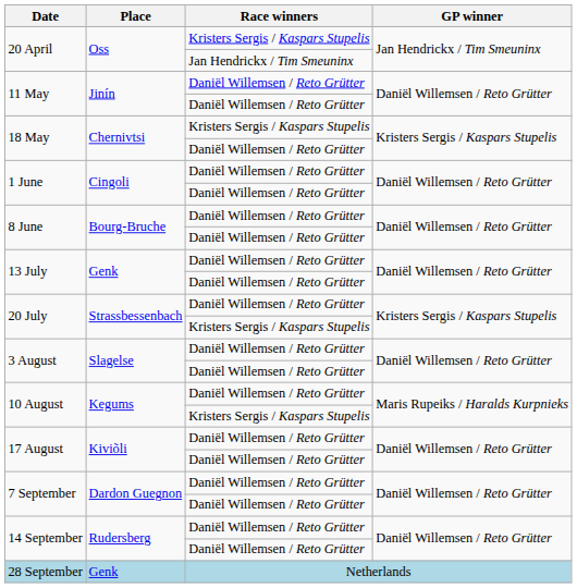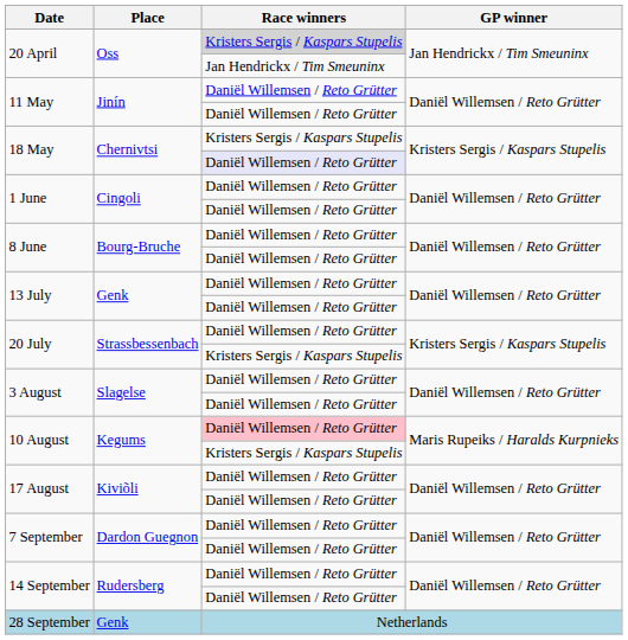 <table class="wikitable" style="font-size: 85%;">
 <tr>
 <th>Date</th>
 <th>Place</th>
 <th>Race winners</th>
 <th>GP winner</th>
 </tr>
 <tr>
 <td rowspan=2>20 April</td>
 <td rowspan=2> <a href='#'>Oss</a></td>
-<td> <a href='#'>Kristers Sergis</a> / <em><a href='#'>Kaspars Stupelis</a></em></td>
+<td style="background: lightgrey;"> <a href='#'>Kristers Sergis</a> / <em><a href='#'>Kaspars Stupelis</a></em></td>
 <td rowspan=2> Jan Hendrickx / <em>Tim Smeuninx</em></td>
 </tr>
 <tr>
 <td> Jan Hendrickx / <em>Tim Smeuninx</em></td>
 </tr>
 <tr>
 <td rowspan=2>11 May</td>
 <td rowspan=2> <a href='#'>Jinín</a></td>
 <td> <a href='#'>Daniël Willemsen</a> /  <em><a href='#'>Reto Grütter</a></em></td>
 <td rowspan=2> Daniël Willemsen /  <em>Reto Grütter</em></td>
 </tr>
 <tr>
 <td> Daniël Willemsen /  <em>Reto Grütter</em></td>
 </tr>
 <tr>
 <td rowspan=2>18 May</td>
 <td rowspan=2> <a href='#'>Chernivtsi</a></td>
 <td> Kristers Sergis / <em>Kaspars Stupelis</em></td>
 <td rowspan=2> Kristers Sergis / <em>Kaspars Stupelis</em></td>
 </tr>
 <tr>
-<td> Daniël Willemsen /  <em>Reto Grütter</em></td>
+<td style="background: lavender;"> Daniël Willemsen /  <em>Reto Grütter</em></td>
 </tr>
 <tr>
 <td rowspan=2>1 June</td>
 <td rowspan=2> <a href='#'>Cingoli</a></td>
 <td> Daniël Willemsen /  <em>Reto Grütter</em></td>
 <td rowspan=2> Daniël Willemsen /  <em>Reto Grütter</em></td>
 </tr>
 <tr>
 <td> Daniël Willemsen /  <em>Reto Grütter</em></td>
 </tr>
 <tr>
 <td rowspan=2>8 June</td>
 <td rowspan=2> <a href='#'>Bourg-Bruche</a></td>
 <td> Daniël Willemsen /  <em>Reto Grütter</em></td>
 <td rowspan=2> Daniël Willemsen /  <em>Reto Grütter</em></td>
 </tr>
 <tr>
 <td> Daniël Willemsen /  <em>Reto Grütter</em></td>
 </tr>
 <tr>
 <td rowspan=2>13 July</td>
 <td rowspan=2> <a href='#'>Genk</a></td>
 <td> Daniël Willemsen /  <em>Reto Grütter</em></td>
 <td rowspan=2> Daniël Willemsen /  <em>Reto Grütter</em></td>
 </tr>
 <tr>
 <td> Daniël Willemsen /  <em>Reto Grütter</em></td>
 </tr>
 <tr>
 <td rowspan=2>20 July</td>
 <td rowspan=2> <a href='#'>Strassbessenbach</a></td>
 <td> Daniël Willemsen /  <em>Reto Grütter</em></td>
 <td rowspan=2> Kristers Sergis / <em>Kaspars Stupelis</em></td>
 </tr>
 <tr>
 <td> Kristers Sergis / <em>Kaspars Stupelis</em></td>
 </tr>
 <tr>
 <td rowspan=2>3 August</td>
 <td rowspan=2> <a href='#'>Slagelse</a></td>
 <td> Daniël Willemsen /  <em>Reto Grütter</em></td>
 <td rowspan=2> Daniël Willemsen /  <em>Reto Grütter</em></td>
 </tr>
 <tr>
 <td> Daniël Willemsen /  <em>Reto Grütter</em></td>
 </tr>
 <tr>
 <td rowspan=2>10 August</td>
 <td rowspan=2> <a href='#'>Kegums</a></td>
-<td> Daniël Willemsen /  <em>Reto Grütter</em></td>
+<td style="background: pink;"> Daniël Willemsen /  <em>Reto Grütter</em></td>
 <td rowspan=2> Maris Rupeiks / <em>Haralds Kurpnieks</em></td>
 </tr>
 <tr>
 <td> Kristers Sergis / <em>Kaspars Stupelis</em></td>
 </tr>
 <tr>
 <td rowspan=2>17 August</td>
 <td rowspan=2> <a href='#'>Kiviõli</a></td>
 <td> Daniël Willemsen /  <em>Reto Grütter</em></td>
 <td rowspan=2> Daniël Willemsen /  <em>Reto Grütter</em></td>
 </tr>
 <tr>
 <td> Daniël Willemsen /  <em>Reto Grütter</em></td>
 </tr>
 <tr>
 <td rowspan=2>7 September</td>
 <td rowspan=2> <a href='#'>Dardon Guegnon</a></td>
 <td> Daniël Willemsen /  <em>Reto Grütter</em></td>
 <td rowspan=2> Daniël Willemsen /  <em>Reto Grütter</em></td>
 </tr>
 <tr>
 <td> Daniël Willemsen /  <em>Reto Grütter</em></td>
 </tr>
 <tr>
 <td rowspan=2>14 September</td>
 <td rowspan=2> <a href='#'>Rudersberg</a></td>
 <td> Daniël Willemsen /  <em>Reto Grütter</em></td>
 <td rowspan=2> Daniël Willemsen /  <em>Reto Grütter</em></td>
 </tr>
 <tr>
 <td> Daniël Willemsen /  <em>Reto Grütter</em></td>
 </tr>
 <tr style="background:lightblue;">
 <td rowspan=2>28 September</td>
 <td rowspan=2> <a href='#'>Genk</a></td>
 <td colspan=2 align="center"> Netherlands</td>
 </tr>
 </table>
